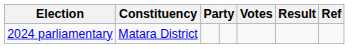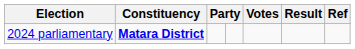 <table class="wikitable" style="text-align:left;">
 <tr>
 <th scope=col>Election</th>
 <th scope=col>Constituency</th>
 <th scope=col colspan="2">Party</th>
 <th scope=col>Votes</th>
 <th scope=col>Result</th>
 <th scope=col>Ref</th>
 </tr>
 <tr>
 <td><a href='#'>2024 parliamentary</a></td>
-<td><a href='#'>Matara District</a></td>
+<td><strong><a href='#'>Matara District</a></strong></td>
 <td></td>
 <td align=right></td>
 <td></td>
 <td></td>
 </tr>
 </table>
